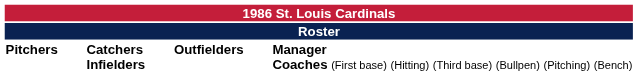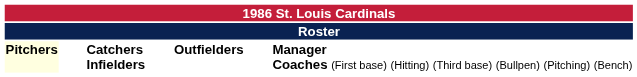 <table class="toccolours" style="font-size: 95%;">
 <tr>
 <th colspan="10" style="background-color: #c41e3a; color: #FFFFFF; text-align: center;">1986 St. Louis Cardinals</th>
 </tr>
 <tr>
 <td colspan="10" style="background-color: #0a2252; color: #FFFFFF; text-align: center;"><strong>Roster</strong></td>
 </tr>
 <tr>
-<td valign="top"><strong>Pitchers</strong><br>                </td>
+<td valign="top" style="background: lightyellow;"><strong>Pitchers</strong><br>                </td>
 <td width="25px"></td>
 <td valign="top"><strong>Catchers</strong><br>   <strong>Infielders</strong>           </td>
 <td width="25px"></td>
 <td valign="top"><strong>Outfielders</strong><br>      </td>
 <td width="25px"></td>
 <td valign="top"><strong>Manager</strong><br> <strong>Coaches</strong>  <small>(First base)</small>  <small>(Hitting)</small>  <small>(Third base)</small>  <small>(Bullpen)</small>  <small>(Pitching)</small>  <small>(Bench)</small></td>
 </tr>
 </table>
